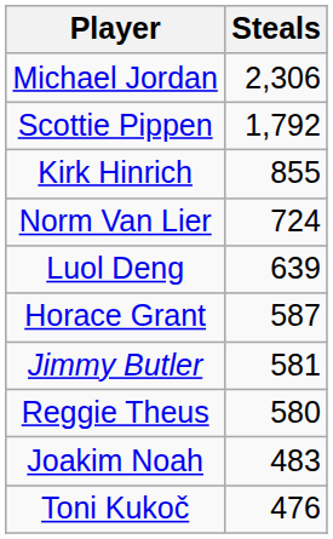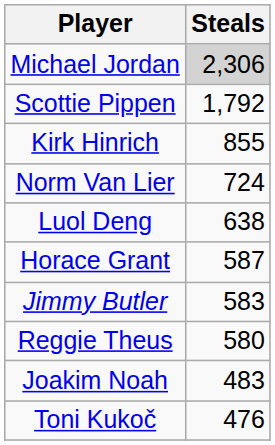 <table class="wikitable sortable">
 <tr>
 <th scope="col">Player</th>
 <th scope="col">Steals</th>
 </tr>
 <tr>
 <td style="text-align:center"><a href='#'>Michael Jordan</a></td>
-<td style="text-align:right">2,306</td>
+<td style="background: lightgrey; text-align:right">2,306</td>
 </tr>
 <tr>
 <td style="text-align:center"><a href='#'>Scottie Pippen</a></td>
 <td style="text-align:right">1,792</td>
 </tr>
 <tr>
 <td style="text-align:center"><a href='#'>Kirk Hinrich</a></td>
 <td style="text-align:right">855</td>
 </tr>
 <tr>
 <td style="text-align:center"><a href='#'>Norm Van Lier</a></td>
 <td style="text-align:right">724</td>
 </tr>
 <tr>
 <td style="text-align:center"><a href='#'>Luol Deng</a></td>
-<td style="text-align:right">639</td>
+<td style="text-align:right">638</td>
 </tr>
 <tr>
 <td style="text-align:center"><a href='#'>Horace Grant</a></td>
 <td style="text-align:right">587</td>
 </tr>
 <tr>
 <td style="text-align:center"><em><a href='#'>Jimmy Butler</a></em></td>
-<td style="text-align:right">581</td>
+<td style="text-align:right">583</td>
 </tr>
 <tr>
 <td style="text-align:center"><a href='#'>Reggie Theus</a></td>
 <td style="text-align:right">580</td>
 </tr>
 <tr>
 <td style="text-align:center"><a href='#'>Joakim Noah</a></td>
 <td style="text-align:right">483</td>
 </tr>
 <tr>
 <td style="text-align:center"><a href='#'>Toni Kukoč</a></td>
 <td style="text-align:right">476</td>
 </tr>
 </table>
